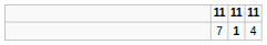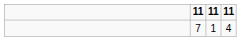 <table class="wikitable">
 <tr>
 <td style="width:18em"></td>
 <td align=center style="width:1em"><strong>11</strong></td>
 <td align=center style="width:1em"><strong>11</strong></td>
 <td align=center style="width:1em"><strong>11</strong></td>
 </tr>
 <tr>
 <td style="width:18em"></td>
 <td align=center style="width:1em">7</td>
-<td align=center style="width:1em"><strong>1</strong></td>
+<td align=center style="width:1em">1</td>
 <td align=center style="width:1em">4</td>
 </tr>
 </table>
